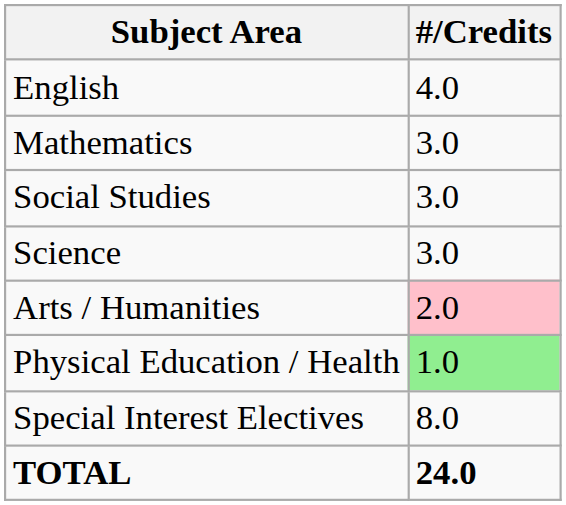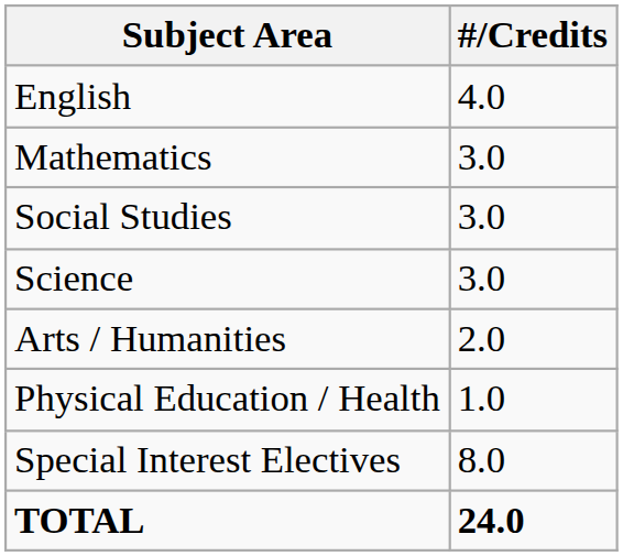 <table class="wikitable">
 <tr>
 <th>Subject Area</th>
 <th>#/Credits</th>
 </tr>
 <tr>
 <td>English</td>
 <td>4.0</td>
 </tr>
 <tr>
 <td>Mathematics</td>
 <td>3.0</td>
 </tr>
 <tr>
 <td>Social Studies</td>
 <td>3.0</td>
 </tr>
 <tr>
 <td>Science</td>
 <td>3.0</td>
 </tr>
 <tr>
 <td>Arts / Humanities</td>
-<td style="background: pink;">2.0</td>
+<td>2.0</td>
 </tr>
 <tr>
 <td>Physical Education / Health</td>
-<td style="background: lightgreen;">1.0</td>
+<td>1.0</td>
 </tr>
 <tr>
 <td>Special Interest Electives</td>
 <td>8.0</td>
 </tr>
 <tr>
 <td><strong>TOTAL</strong></td>
 <td><strong>24.0</strong></td>
 </tr>
 </table>
